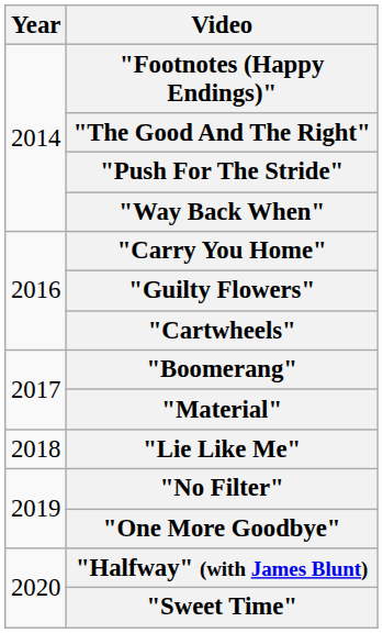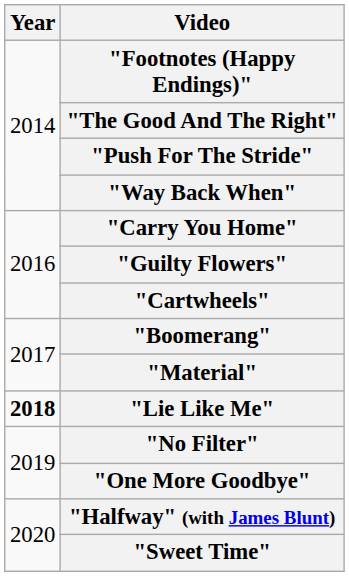 <table class="wikitable plainrowheaders">
 <tr>
 <th>Year</th>
 <th style="width:12em;">Video</th>
 </tr>
 <tr>
 <td rowspan="4">2014</td>
 <th scope="row">"Footnotes (Happy Endings)"</th>
 </tr>
 <tr>
 <th scope="row">"The Good And The Right"</th>
 </tr>
 <tr>
 <th scope="row">"Push For The Stride"</th>
 </tr>
 <tr>
 <th scope="row">"Way Back When"</th>
 </tr>
 <tr>
 <td rowspan="3">2016</td>
 <th scope="row">"Carry You Home"</th>
 </tr>
 <tr>
 <th scope="row">"Guilty Flowers"</th>
 </tr>
 <tr>
 <th scope="row">"Cartwheels"</th>
 </tr>
 <tr>
 <td rowspan="2">2017</td>
 <th scope="row">"Boomerang"</th>
 </tr>
 <tr>
 <th scope="row">"Material"</th>
 </tr>
 <tr>
-<td>2018</td>
+<td><strong>2018</strong></td>
 <th scope="row">"Lie Like Me"</th>
 </tr>
 <tr>
 <td rowspan="2">2019</td>
 <th scope="row">"No Filter"</th>
 </tr>
 <tr>
 <th scope="row">"One More Goodbye"</th>
 </tr>
 <tr>
 <td rowspan="2">2020</td>
 <th scope="row">"Halfway" <small>(with <a href='#'>James Blunt</a>)</small></th>
 </tr>
 <tr>
 <th scope="row">"Sweet Time"</th>
 </tr>
 </table>
